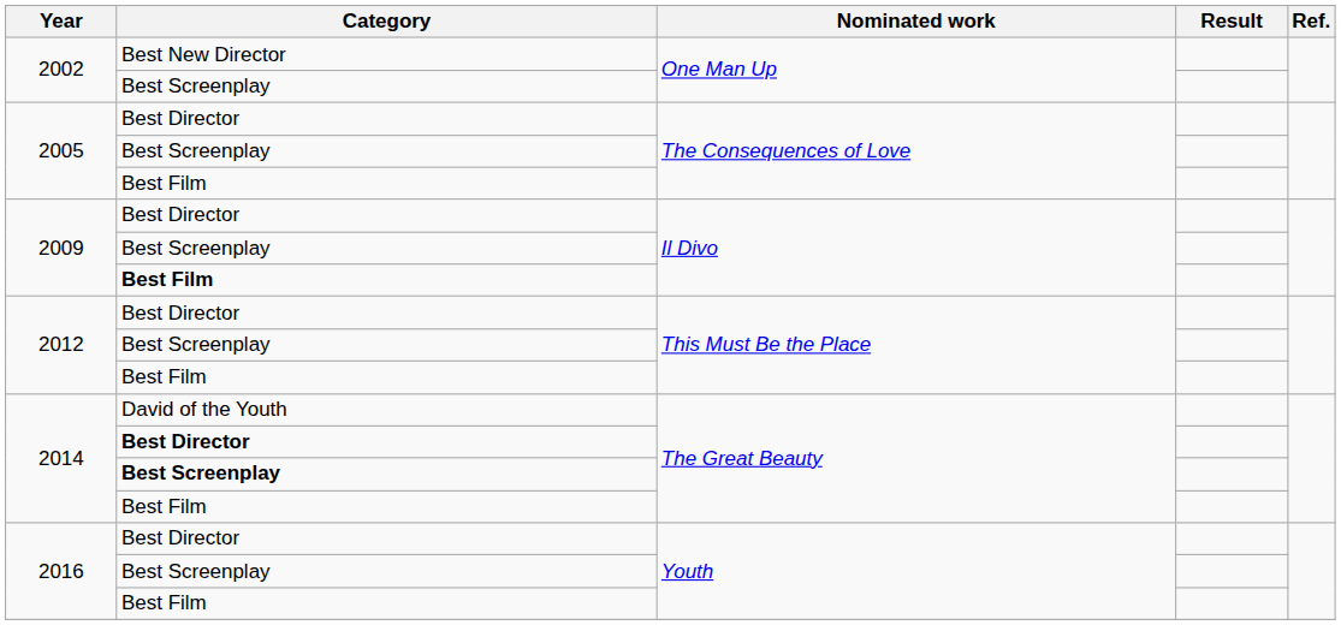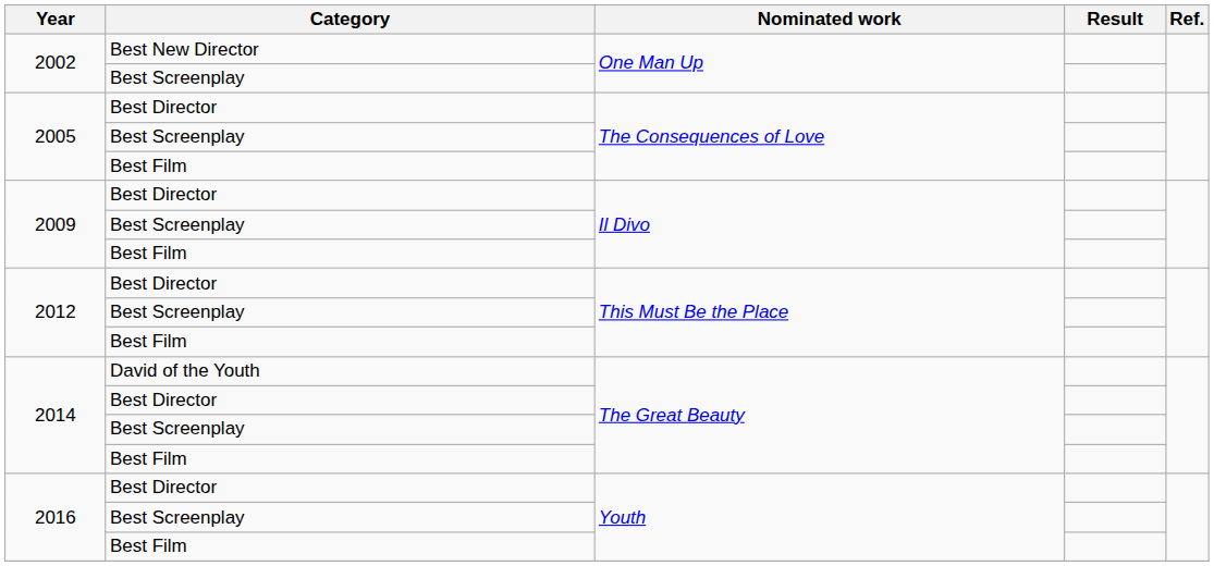 <table class=wikitable>
 <tr>
 <th scope="col" style="width:5em;">Year</th>
 <th scope="col" style="width:26em;">Category</th>
 <th scope="col" style="width:25em;">Nominated work</th>
 <th scope="col" style="width:5em;">Result</th>
 <th>Ref.</th>
 </tr>
 <tr>
 <td style="text-align:center;", rowspan="2">2002</td>
 <td>Best New Director</td>
 <td rowspan="2"><em><a href='#'>One Man Up</a></em></td>
 <td></td>
 <td rowspan=2></td>
 </tr>
 <tr>
 <td>Best Screenplay</td>
 <td></td>
 </tr>
 <tr>
 <td style="text-align:center;", rowspan="3">2005</td>
 <td>Best Director</td>
 <td rowspan="3"><em><a href='#'>The Consequences of Love</a></em></td>
 <td></td>
 <td rowspan=3></td>
 </tr>
 <tr>
 <td>Best Screenplay</td>
 <td></td>
 </tr>
 <tr>
 <td>Best Film</td>
 <td></td>
 </tr>
 <tr>
 <td style="text-align:center;", rowspan="3">2009</td>
 <td>Best Director</td>
 <td rowspan="3"><em><a href='#'>Il Divo</a></em></td>
 <td></td>
 <td rowspan=3></td>
 </tr>
 <tr>
 <td>Best Screenplay</td>
 <td></td>
 </tr>
 <tr>
-<td><strong>Best Film</strong></td>
+<td>Best Film</td>
 <td></td>
 </tr>
 <tr>
 <td style="text-align:center;", rowspan="3">2012</td>
 <td>Best Director</td>
 <td rowspan="3"><em><a href='#'>This Must Be the Place</a></em></td>
 <td></td>
 <td rowspan=3></td>
 </tr>
 <tr>
 <td>Best Screenplay</td>
 <td></td>
 </tr>
 <tr>
 <td>Best Film</td>
 <td></td>
 </tr>
 <tr>
 <td style="text-align:center;", rowspan="4">2014</td>
 <td>David of the Youth</td>
 <td rowspan="4"><em><a href='#'>The Great Beauty</a></em></td>
 <td></td>
 <td rowspan=4></td>
 </tr>
 <tr>
-<td><strong>Best Director</strong></td>
+<td>Best Director</td>
 <td></td>
 </tr>
 <tr>
-<td><strong>Best Screenplay</strong></td>
+<td>Best Screenplay</td>
 <td></td>
 </tr>
 <tr>
 <td>Best Film</td>
 <td></td>
 </tr>
 <tr>
 <td style="text-align:center;", rowspan="3">2016</td>
 <td>Best Director</td>
 <td rowspan="3"><em><a href='#'>Youth</a></em></td>
 <td></td>
 <td rowspan=3></td>
 </tr>
 <tr>
 <td>Best Screenplay</td>
 <td></td>
 </tr>
 <tr>
 <td>Best Film</td>
 <td></td>
 </tr>
 <tr>
 </tr>
 </table>
